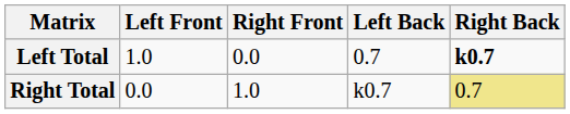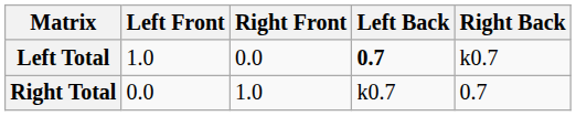 <table class="wikitable">
 <tr>
 <th>Matrix</th>
 <th>Left Front</th>
 <th>Right Front</th>
 <th>Left Back</th>
 <th>Right Back</th>
 </tr>
 <tr>
 <th>Left Total</th>
 <td>1.0</td>
 <td>0.0</td>
-<td>0.7</td>
-<td><strong>k0.7</strong></td>
+<td><strong>0.7</strong></td>
+<td>k0.7</td>
 </tr>
 <tr>
 <th>Right Total</th>
 <td>0.0</td>
 <td>1.0</td>
 <td>k0.7</td>
-<td style="background: khaki;">0.7</td>
+<td>0.7</td>
 </tr>
 </table>
